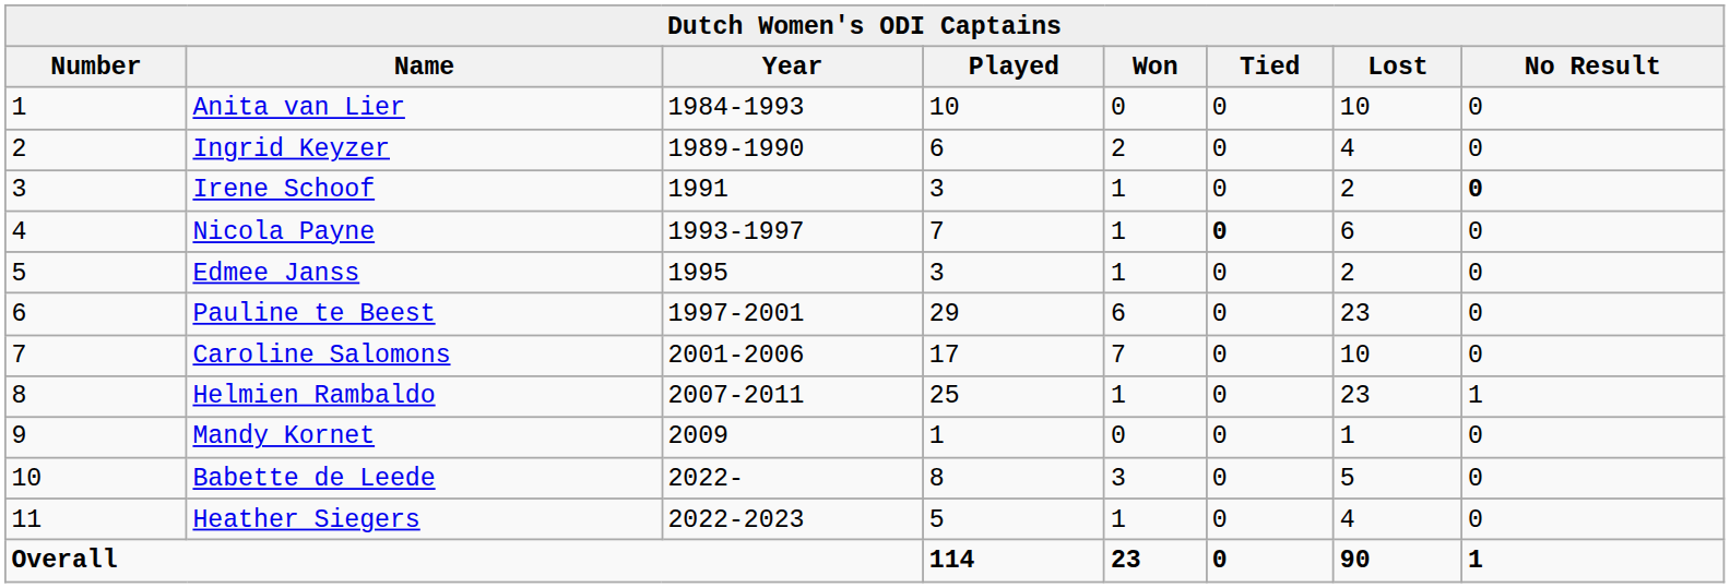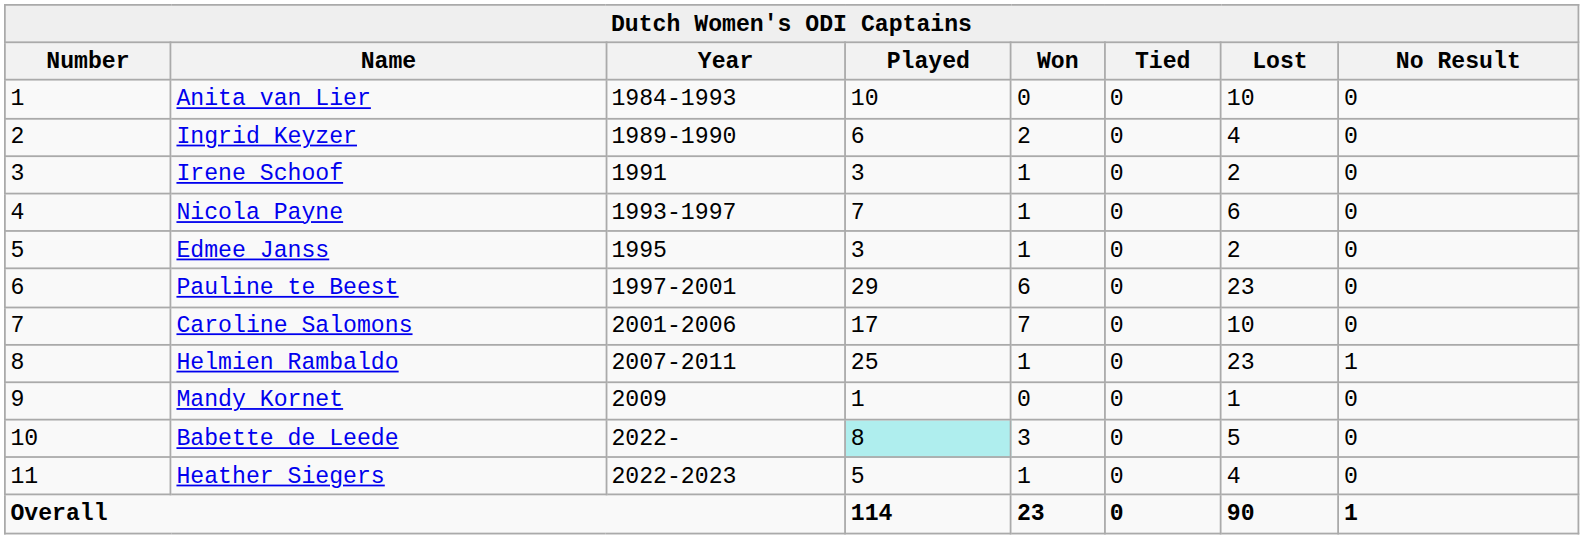 <table class="wikitable" style="width:70%;">
 <tr>
 <th style="background:#efefef;" colspan="9">Dutch Women's ODI Captains</th>
 </tr>
 <tr style="background:#efefef;">
 <th>Number</th>
 <th>Name</th>
 <th>Year</th>
 <th>Played</th>
 <th>Won</th>
 <th>Tied</th>
 <th>Lost</th>
 <th>No Result</th>
 </tr>
 <tr>
 <td>1</td>
 <td><a href='#'>Anita van Lier</a></td>
 <td>1984-1993</td>
 <td>10</td>
 <td>0</td>
 <td>0</td>
 <td>10</td>
 <td>0</td>
 </tr>
 <tr>
 <td>2</td>
 <td><a href='#'>Ingrid Keyzer</a></td>
 <td>1989-1990</td>
 <td>6</td>
 <td>2</td>
 <td>0</td>
 <td>4</td>
 <td>0</td>
 </tr>
 <tr>
 <td>3</td>
 <td><a href='#'>Irene Schoof</a></td>
 <td>1991</td>
 <td>3</td>
 <td>1</td>
 <td>0</td>
 <td>2</td>
-<td><strong>0</strong></td>
+<td>0</td>
 </tr>
 <tr>
 <td>4</td>
 <td><a href='#'>Nicola Payne</a></td>
 <td>1993-1997</td>
 <td>7</td>
 <td>1</td>
-<td><strong>0</strong></td>
+<td>0</td>
 <td>6</td>
 <td>0</td>
 </tr>
 <tr>
 <td>5</td>
 <td><a href='#'>Edmee Janss</a></td>
 <td>1995</td>
 <td>3</td>
 <td>1</td>
 <td>0</td>
 <td>2</td>
 <td>0</td>
 </tr>
 <tr>
 <td>6</td>
 <td><a href='#'>Pauline te Beest</a></td>
 <td>1997-2001</td>
 <td>29</td>
 <td>6</td>
 <td>0</td>
 <td>23</td>
 <td>0</td>
 </tr>
 <tr>
 <td>7</td>
 <td><a href='#'>Caroline Salomons</a></td>
 <td>2001-2006</td>
 <td>17</td>
 <td>7</td>
 <td>0</td>
 <td>10</td>
 <td>0</td>
 </tr>
 <tr>
 <td>8</td>
 <td><a href='#'>Helmien Rambaldo</a></td>
 <td>2007-2011</td>
 <td>25</td>
 <td>1</td>
 <td>0</td>
 <td>23</td>
 <td>1</td>
 </tr>
 <tr>
 <td>9</td>
 <td><a href='#'>Mandy Kornet</a></td>
 <td>2009</td>
 <td>1</td>
 <td>0</td>
 <td>0</td>
 <td>1</td>
 <td>0</td>
 </tr>
 <tr>
 <td>10</td>
 <td><a href='#'>Babette de Leede</a></td>
 <td>2022-</td>
-<td>8</td>
+<td style="background: paleturquoise;">8</td>
 <td>3</td>
 <td>0</td>
 <td>5</td>
 <td>0</td>
 </tr>
 <tr>
 <td>11</td>
 <td><a href='#'>Heather Siegers</a></td>
 <td>2022-2023</td>
 <td>5</td>
 <td>1</td>
 <td>0</td>
 <td>4</td>
 <td>0</td>
 </tr>
 <tr>
 <td colspan="3"><strong>Overall</strong></td>
 <td><strong>114</strong></td>
 <td><strong>23</strong></td>
 <td><strong>0</strong></td>
 <td><strong>90</strong></td>
 <td><strong>1</strong></td>
 </tr>
 </table>
